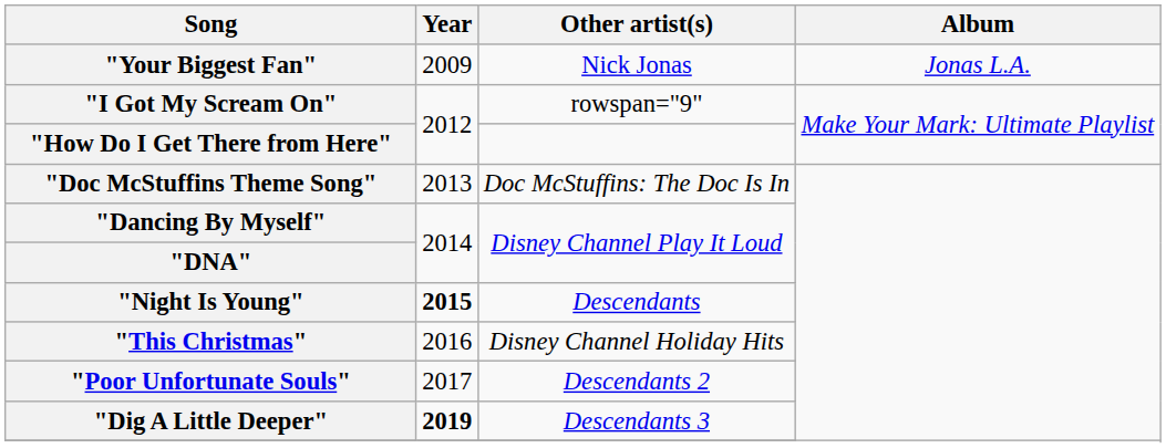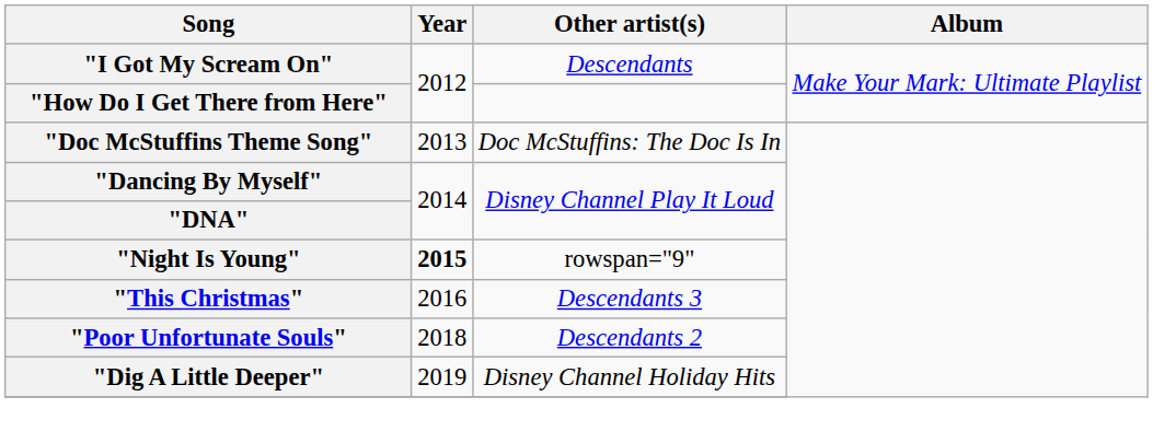 <table class="wikitable plainrowheaders" style="text-align:center;" border="1">
 <tr>
 <th scope="col" style="width:16em;">Song</th>
 <th scope="col">Year</th>
 <th scope="col">Other artist(s)</th>
 <th scope="col">Album</th>
 </tr>
 <tr>
-<th scope="row">"Your Biggest Fan"</th>
-<td>2009</td>
-<td><a href='#'>Nick Jonas</a></td>
-<td><em><a href='#'>Jonas L.A.</a></em></td>
-</tr>
-<tr>
 <th scope="row">"I Got My Scream On"</th>
 <td rowspan="2">2012</td>
-<td>rowspan="9" </td>
+<td><em><a href='#'>Descendants</a></em></td>
 <td rowspan="2"><em><a href='#'>Make Your Mark: Ultimate Playlist</a></em></td>
 </tr>
 <tr>
 <th scope="row">"How Do I Get There from Here"</th>
 </tr>
 <tr>
 <th scope="row">"Doc McStuffins Theme Song"</th>
 <td>2013</td>
 <td><em>Doc McStuffins: The Doc Is In</em></td>
 </tr>
 <tr>
 <th scope="row">"Dancing By Myself"</th>
 <td rowspan="2">2014</td>
 <td rowspan="2"><em><a href='#'>Disney Channel Play It Loud</a></em></td>
 </tr>
 <tr>
 <th scope="row">"DNA"</th>
 </tr>
 <tr>
 <th scope="row">"Night Is Young"</th>
 <td><strong>2015</strong></td>
-<td><em><a href='#'>Descendants</a></em></td>
+<td>rowspan="9" </td>
 </tr>
 <tr>
 <th scope="row">"<a href='#'>This Christmas</a>"</th>
 <td>2016</td>
-<td><em>Disney Channel Holiday Hits</em></td>
+<td><em><a href='#'>Descendants 3</a></em></td>
 </tr>
 <tr>
 <th scope="row">"<a href='#'>Poor Unfortunate Souls</a>"</th>
-<td>2017</td>
+<td>2018</td>
 <td><em><a href='#'>Descendants 2</a></em></td>
 </tr>
 <tr>
 <th scope="row">"Dig A Little Deeper"</th>
-<td><strong>2019</strong></td>
-<td><em><a href='#'>Descendants 3</a></em></td>
+<td>2019</td>
+<td><em>Disney Channel Holiday Hits</em></td>
 </tr>
 <tr>
 </tr>
 </table>
